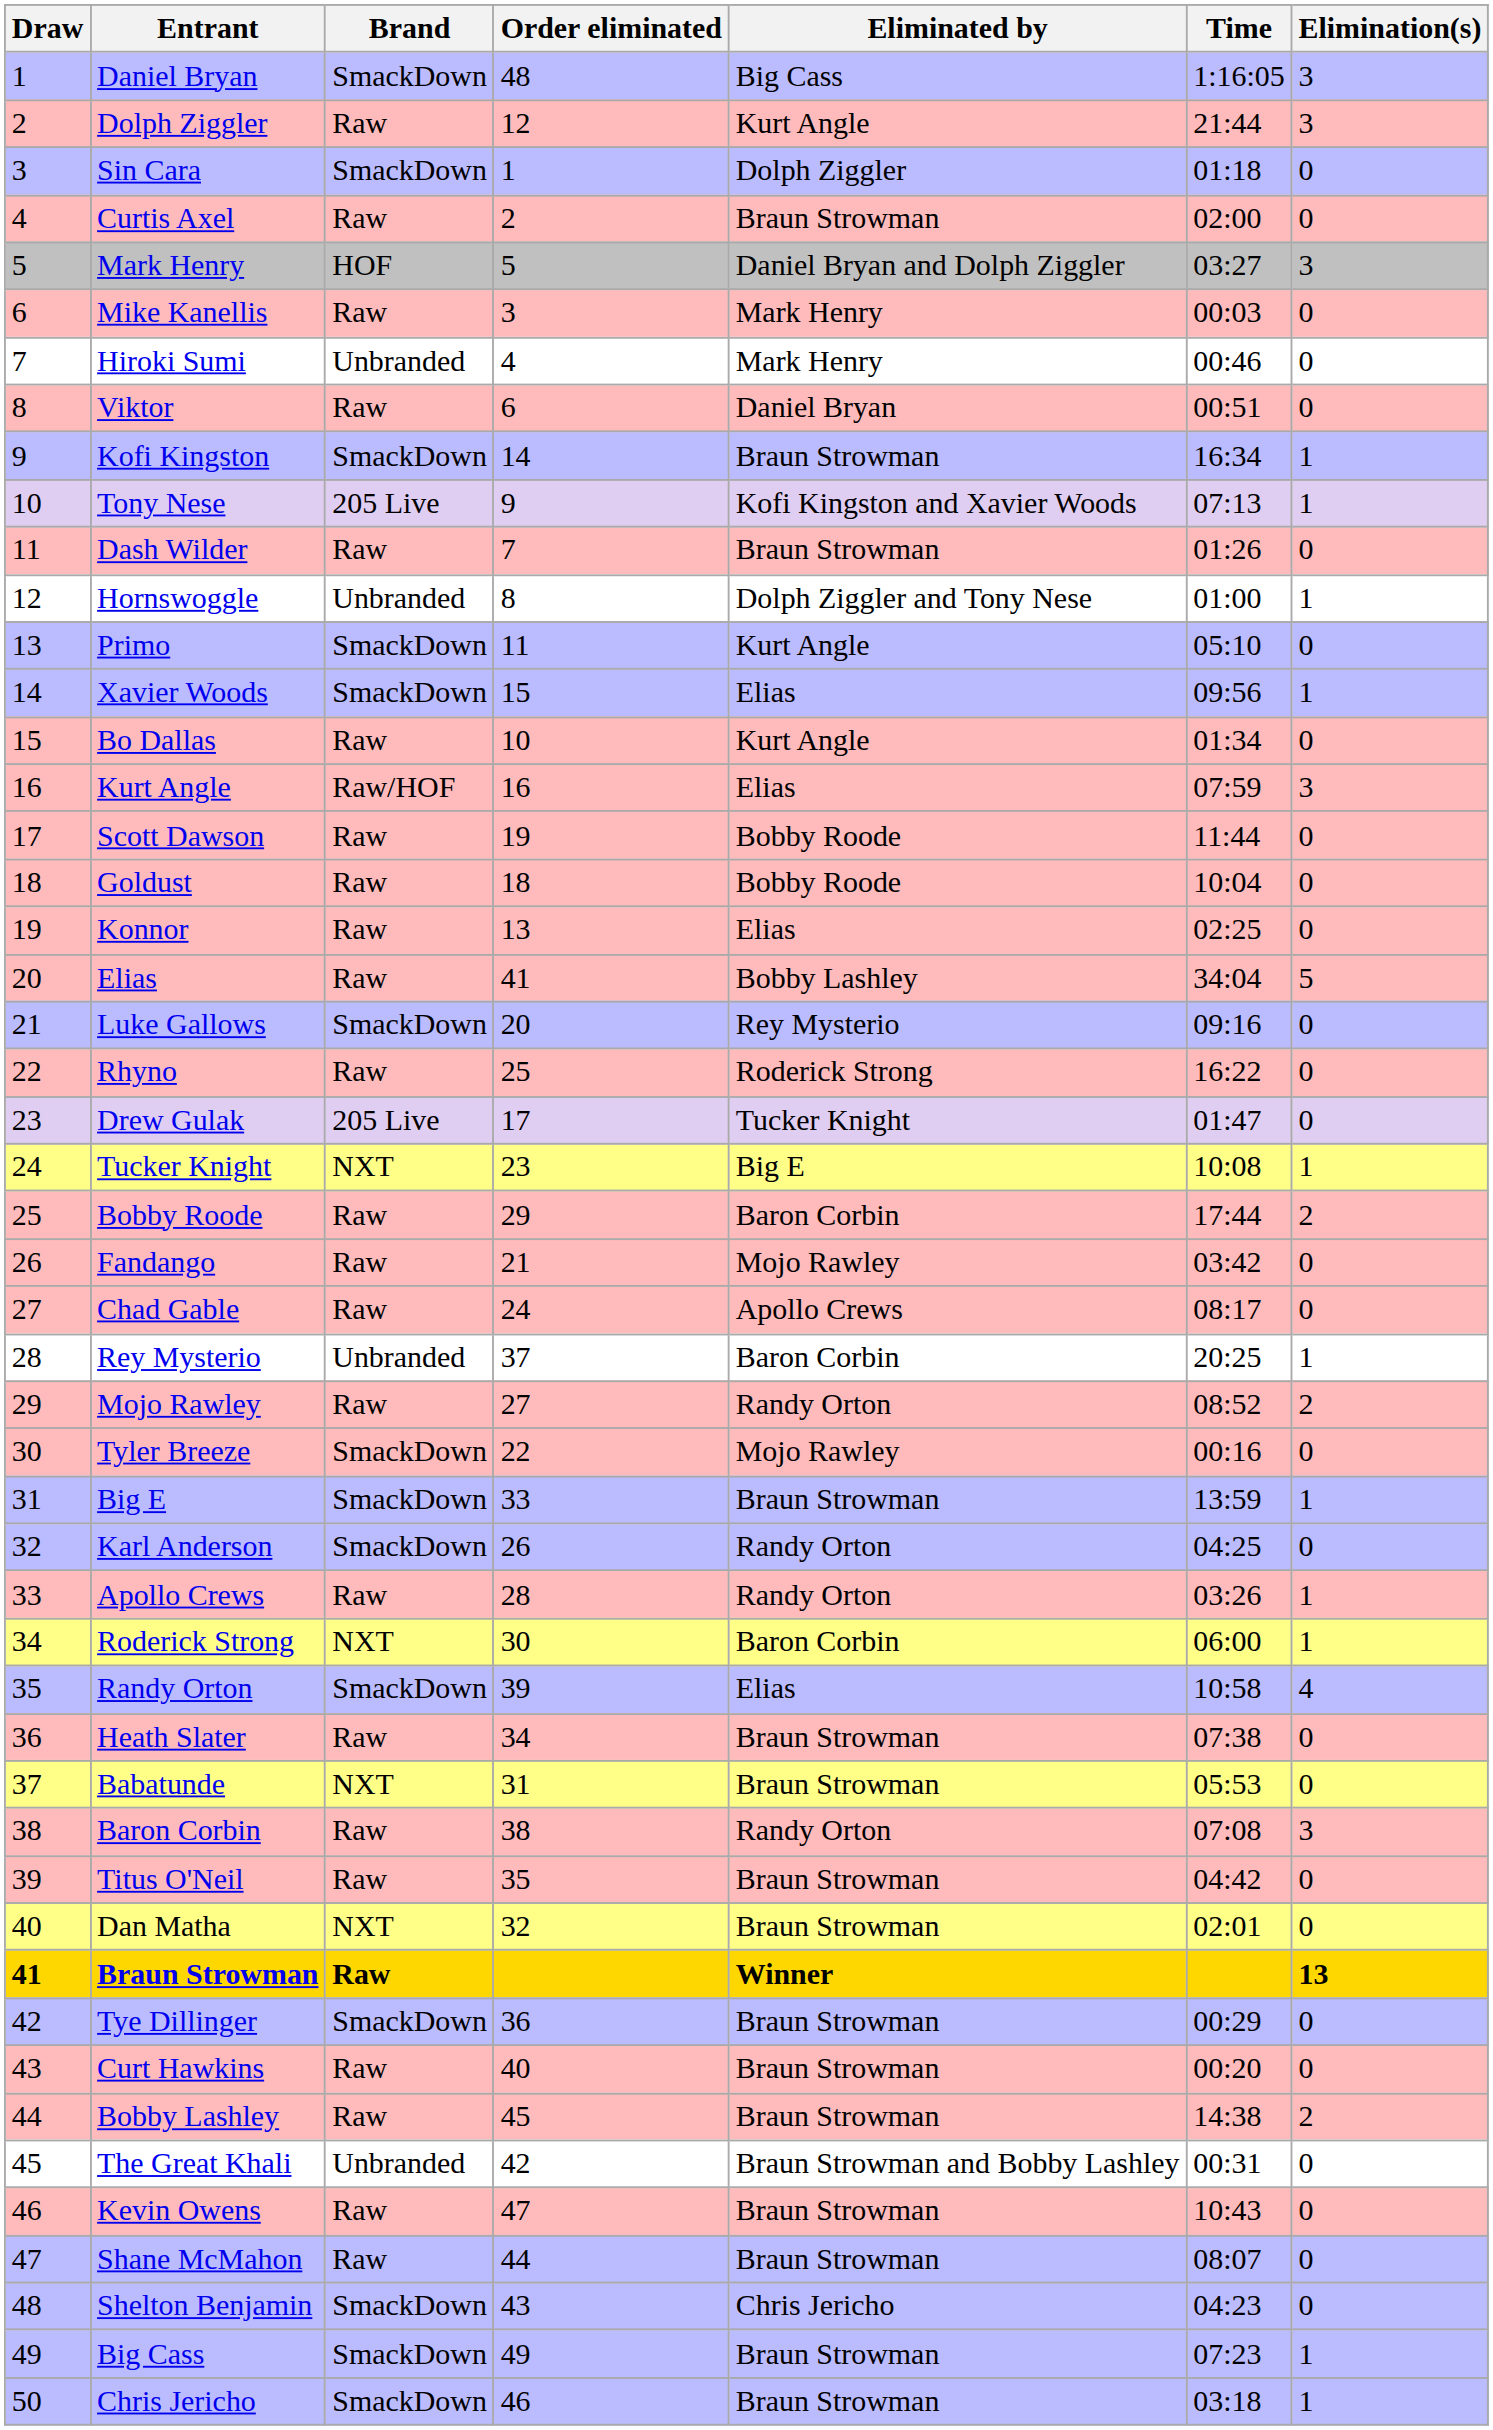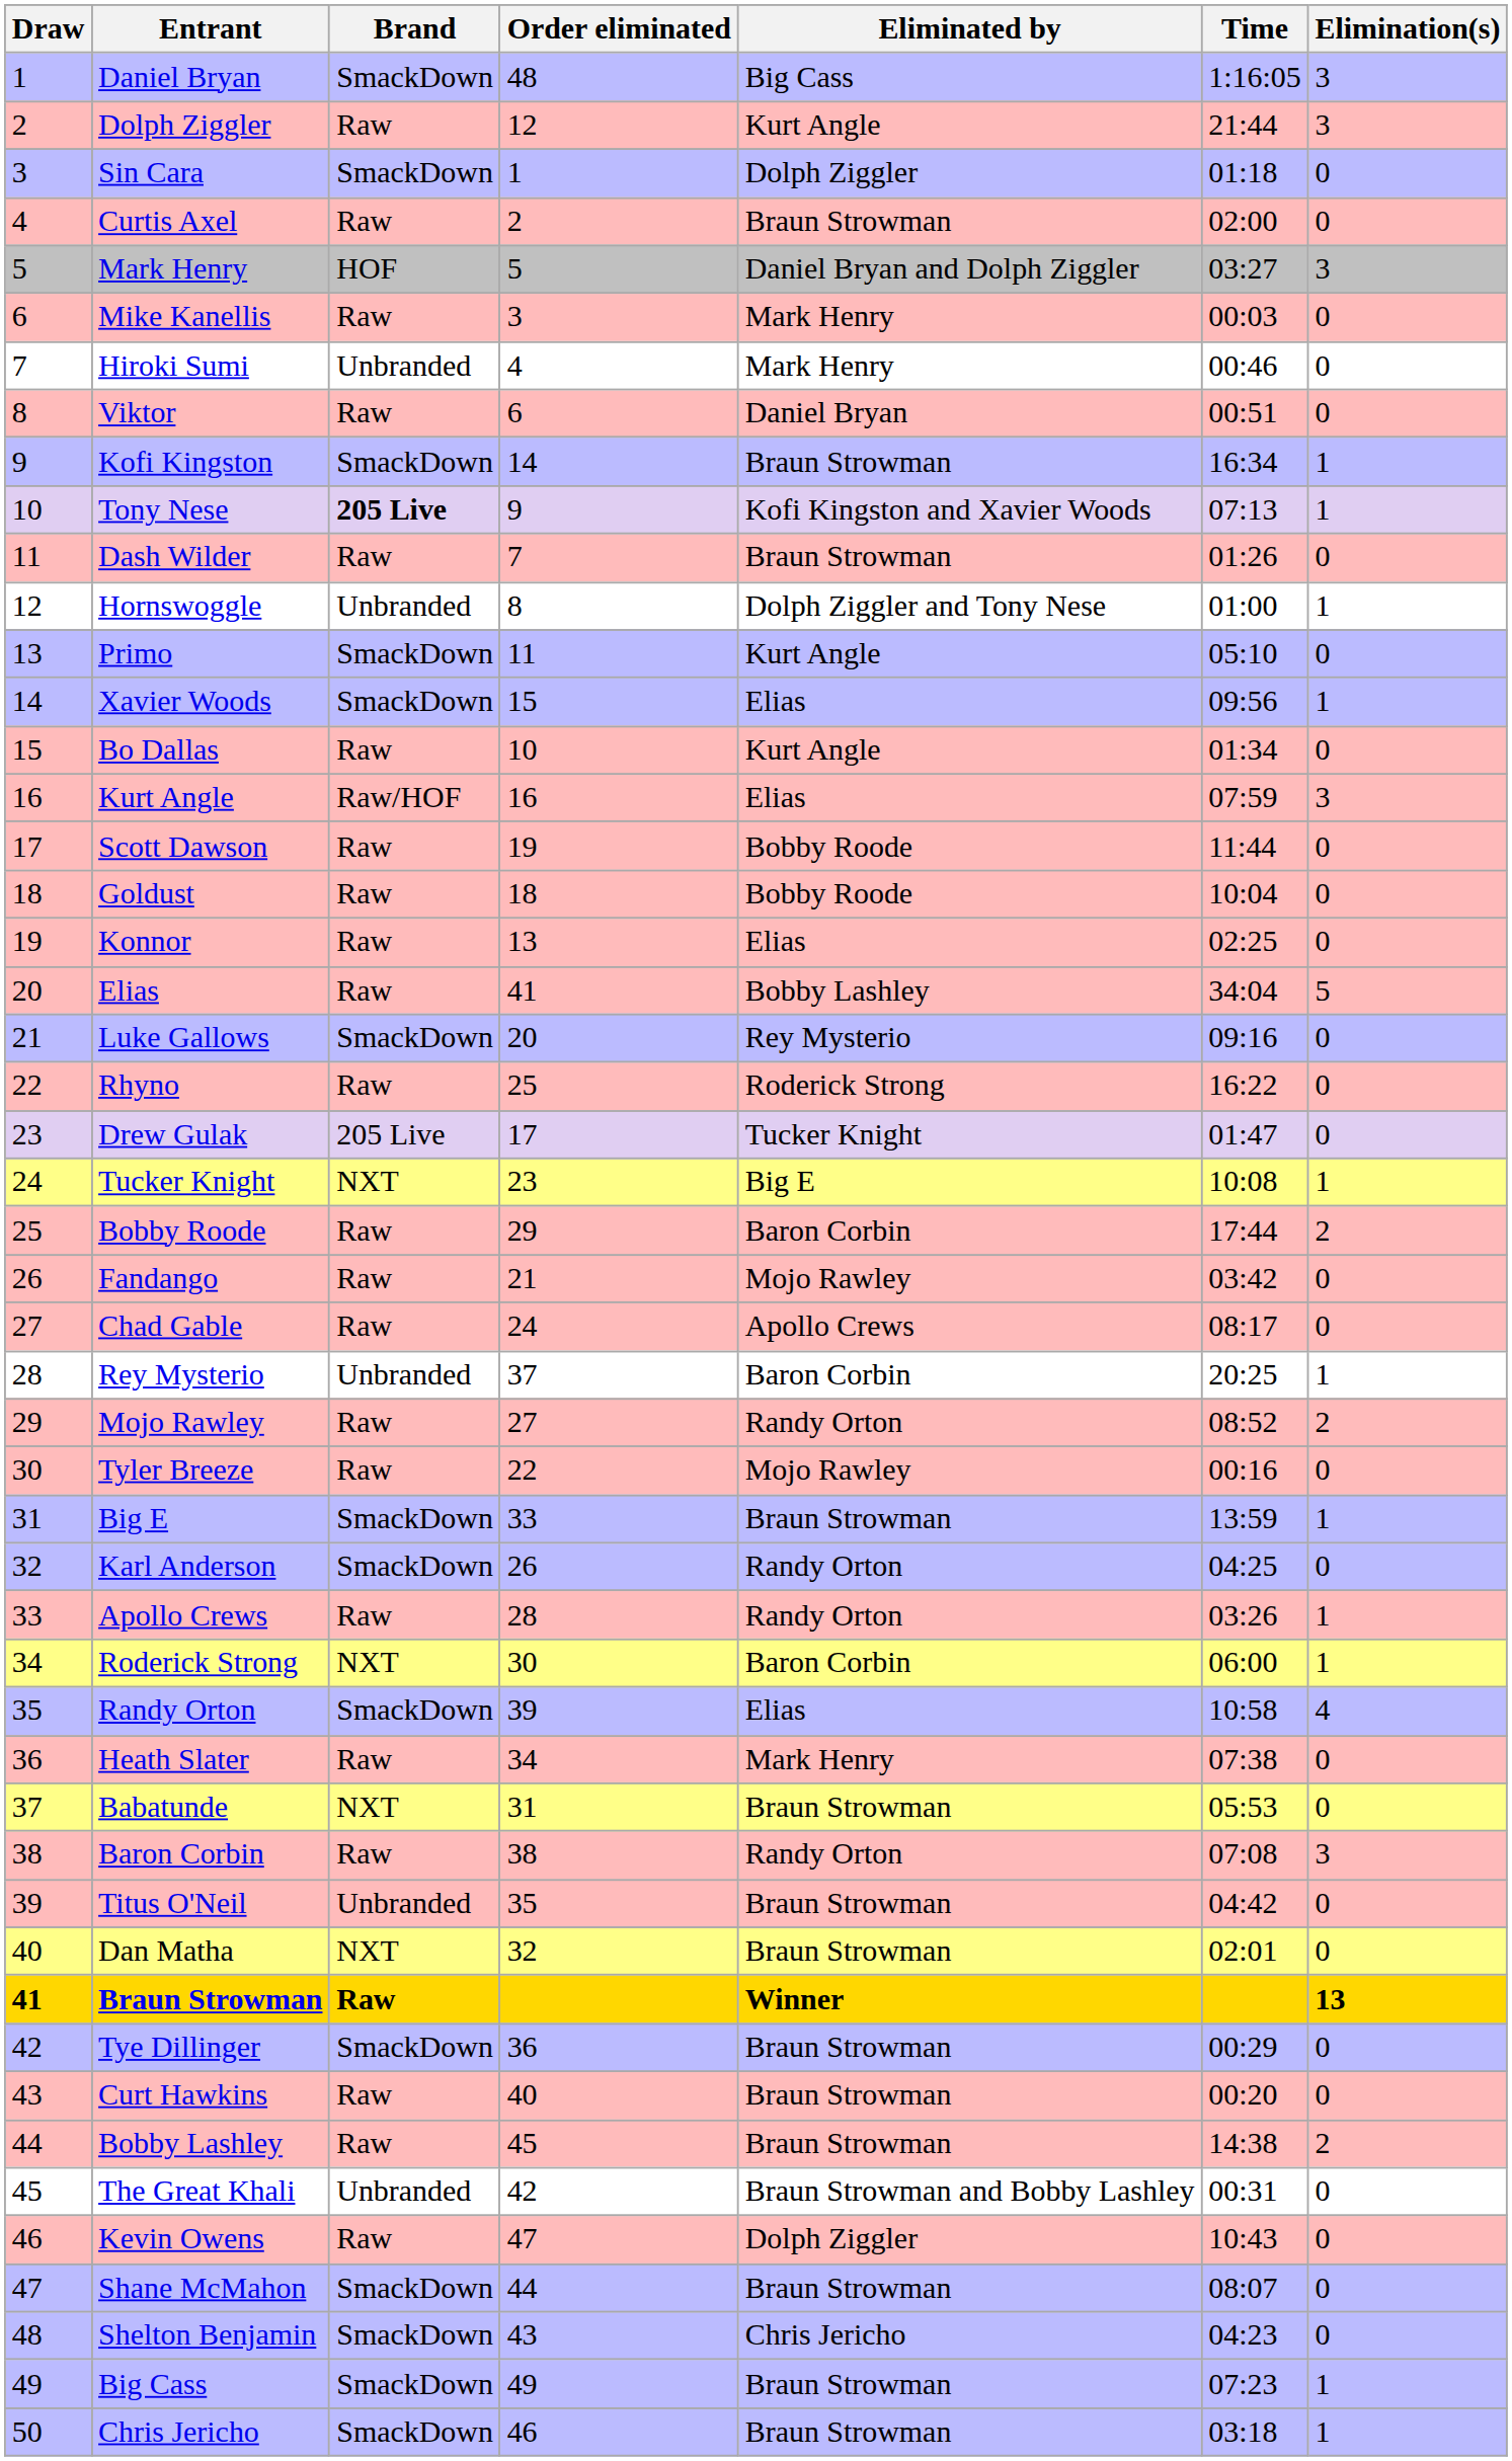 <table class="wikitable sortable">
 <tr>
 <th>Draw</th>
 <th>Entrant</th>
 <th>Brand</th>
 <th>Order eliminated</th>
 <th>Eliminated by</th>
 <th>Time</th>
 <th>Elimination(s)</th>
 </tr>
 <tr style="background:#BBF">
 <td>1</td>
 <td><a href='#'>Daniel Bryan</a></td>
 <td>SmackDown</td>
 <td>48</td>
 <td>Big Cass</td>
 <td>1:16:05</td>
 <td>3</td>
 </tr>
 <tr style="background:#FBB">
 <td>2</td>
 <td><a href='#'>Dolph Ziggler</a></td>
 <td>Raw</td>
 <td>12</td>
 <td>Kurt Angle</td>
 <td>21:44</td>
 <td>3</td>
 </tr>
 <tr style="background:#BBF">
 <td>3</td>
 <td><a href='#'>Sin Cara</a></td>
 <td>SmackDown</td>
 <td>1</td>
 <td>Dolph Ziggler</td>
 <td>01:18</td>
 <td>0</td>
 </tr>
 <tr style="background:#FBB">
 <td>4</td>
 <td><a href='#'>Curtis Axel</a></td>
 <td>Raw</td>
 <td>2</td>
 <td>Braun Strowman</td>
 <td>02:00</td>
 <td>0</td>
 </tr>
 <tr style=" background:silver">
 <td>5</td>
 <td><a href='#'>Mark Henry</a></td>
 <td>HOF</td>
 <td>5</td>
 <td>Daniel Bryan and Dolph Ziggler</td>
 <td>03:27</td>
 <td>3</td>
 </tr>
 <tr style="background:#FBB">
 <td>6</td>
 <td><a href='#'>Mike Kanellis</a></td>
 <td>Raw</td>
 <td>3</td>
 <td>Mark Henry</td>
 <td>00:03</td>
 <td>0</td>
 </tr>
 <tr style="background:#FFF">
 <td>7</td>
 <td><a href='#'>Hiroki Sumi</a></td>
 <td>Unbranded</td>
 <td>4</td>
 <td>Mark Henry</td>
 <td>00:46</td>
 <td>0</td>
 </tr>
 <tr style="background:#FBB">
 <td>8</td>
 <td><a href='#'>Viktor</a></td>
 <td>Raw</td>
 <td>6</td>
 <td>Daniel Bryan</td>
 <td>00:51</td>
 <td>0</td>
 </tr>
 <tr style="background:#BBF">
 <td>9</td>
 <td><a href='#'>Kofi Kingston</a></td>
 <td>SmackDown</td>
 <td>14</td>
 <td>Braun Strowman</td>
 <td>16:34</td>
 <td>1</td>
 </tr>
 <tr style="background:#E0CEF2">
 <td>10</td>
 <td><a href='#'>Tony Nese</a></td>
-<td>205 Live</td>
+<td><strong>205 Live</strong></td>
 <td>9</td>
 <td>Kofi Kingston and Xavier Woods</td>
 <td>07:13</td>
 <td>1</td>
 </tr>
 <tr style="background:#FBB">
 <td>11</td>
 <td><a href='#'>Dash Wilder</a></td>
 <td>Raw</td>
 <td>7</td>
 <td>Braun Strowman</td>
 <td>01:26</td>
 <td>0</td>
 </tr>
 <tr style="background:#FFF">
 <td>12</td>
 <td><a href='#'>Hornswoggle</a></td>
 <td>Unbranded</td>
 <td>8</td>
 <td>Dolph Ziggler and Tony Nese</td>
 <td>01:00</td>
 <td>1</td>
 </tr>
 <tr style="background:#BBF">
 <td>13</td>
 <td><a href='#'>Primo</a></td>
 <td>SmackDown</td>
 <td>11</td>
 <td>Kurt Angle</td>
 <td>05:10</td>
 <td>0</td>
 </tr>
 <tr style="background:#BBF">
 <td>14</td>
 <td><a href='#'>Xavier Woods</a></td>
 <td>SmackDown</td>
 <td>15</td>
 <td>Elias</td>
 <td>09:56</td>
 <td>1</td>
 </tr>
 <tr style="background:#FBB">
 <td>15</td>
 <td><a href='#'>Bo Dallas</a></td>
 <td>Raw</td>
 <td>10</td>
 <td>Kurt Angle</td>
 <td>01:34</td>
 <td>0</td>
 </tr>
 <tr style="background:#FBB">
 <td>16</td>
 <td><a href='#'>Kurt Angle</a></td>
 <td>Raw/HOF</td>
 <td>16</td>
 <td>Elias</td>
 <td>07:59</td>
 <td>3</td>
 </tr>
 <tr style="background:#FBB">
 <td>17</td>
 <td><a href='#'>Scott Dawson</a></td>
 <td>Raw</td>
 <td>19</td>
 <td>Bobby Roode</td>
 <td>11:44</td>
 <td>0</td>
 </tr>
 <tr style="background:#FBB">
 <td>18</td>
 <td><a href='#'>Goldust</a></td>
 <td>Raw</td>
 <td>18</td>
 <td>Bobby Roode</td>
 <td>10:04</td>
 <td>0</td>
 </tr>
 <tr style="background:#FBB">
 <td>19</td>
 <td><a href='#'>Konnor</a></td>
 <td>Raw</td>
 <td>13</td>
 <td>Elias</td>
 <td>02:25</td>
 <td>0</td>
 </tr>
 <tr style="background:#FBB">
 <td>20</td>
 <td><a href='#'>Elias</a></td>
 <td>Raw</td>
 <td>41</td>
 <td>Bobby Lashley</td>
 <td>34:04</td>
 <td>5</td>
 </tr>
 <tr style="background:#BBF">
 <td>21</td>
 <td><a href='#'>Luke Gallows</a></td>
 <td>SmackDown</td>
 <td>20</td>
 <td>Rey Mysterio</td>
 <td>09:16</td>
 <td>0</td>
 </tr>
 <tr style="background:#FBB">
 <td>22</td>
 <td><a href='#'>Rhyno</a></td>
 <td>Raw</td>
 <td>25</td>
 <td>Roderick Strong</td>
 <td>16:22</td>
 <td>0</td>
 </tr>
 <tr style="background:#E0CEF2">
 <td>23</td>
 <td><a href='#'>Drew Gulak</a></td>
 <td>205 Live</td>
 <td>17</td>
 <td>Tucker Knight</td>
 <td>01:47</td>
 <td>0</td>
 </tr>
 <tr style="background:#FF8">
 <td>24</td>
 <td><a href='#'>Tucker Knight</a></td>
 <td>NXT</td>
 <td>23</td>
 <td>Big E</td>
 <td>10:08</td>
 <td>1</td>
 </tr>
 <tr style="background:#FBB">
 <td>25</td>
 <td><a href='#'>Bobby Roode</a></td>
 <td>Raw</td>
 <td>29</td>
 <td>Baron Corbin</td>
 <td>17:44</td>
 <td>2</td>
 </tr>
 <tr style="background:#FBB">
 <td>26</td>
 <td><a href='#'>Fandango</a></td>
 <td>Raw</td>
 <td>21</td>
 <td>Mojo Rawley</td>
 <td>03:42</td>
 <td>0</td>
 </tr>
 <tr style="background:#FBB">
 <td>27</td>
 <td><a href='#'>Chad Gable</a></td>
 <td>Raw</td>
 <td>24</td>
 <td>Apollo Crews</td>
 <td>08:17</td>
 <td>0</td>
 </tr>
 <tr style="background:#FFF">
 <td>28</td>
 <td><a href='#'>Rey Mysterio</a></td>
 <td>Unbranded</td>
 <td>37</td>
 <td>Baron Corbin</td>
 <td>20:25</td>
 <td>1</td>
 </tr>
 <tr style="background:#FBB">
 <td>29</td>
 <td><a href='#'>Mojo Rawley</a></td>
 <td>Raw</td>
 <td>27</td>
 <td>Randy Orton</td>
 <td>08:52</td>
 <td>2</td>
 </tr>
 <tr style="background:#FBB">
 <td>30</td>
 <td><a href='#'>Tyler Breeze</a></td>
-<td>SmackDown</td>
+<td>Raw</td>
 <td>22</td>
 <td>Mojo Rawley</td>
 <td>00:16</td>
 <td>0</td>
 </tr>
 <tr style="background:#BBF">
 <td>31</td>
 <td><a href='#'>Big E</a></td>
 <td>SmackDown</td>
 <td>33</td>
 <td>Braun Strowman</td>
 <td>13:59</td>
 <td>1</td>
 </tr>
 <tr style="background:#BBF">
 <td>32</td>
 <td><a href='#'>Karl Anderson</a></td>
 <td>SmackDown</td>
 <td>26</td>
 <td>Randy Orton</td>
 <td>04:25</td>
 <td>0</td>
 </tr>
 <tr style="background:#FBB">
 <td>33</td>
 <td><a href='#'>Apollo Crews</a></td>
 <td>Raw</td>
 <td>28</td>
 <td>Randy Orton</td>
 <td>03:26</td>
 <td>1</td>
 </tr>
 <tr style="background:#FF8">
 <td>34</td>
 <td><a href='#'>Roderick Strong</a></td>
 <td>NXT</td>
 <td>30</td>
 <td>Baron Corbin</td>
 <td>06:00</td>
 <td>1</td>
 </tr>
 <tr style="background:#BBF">
 <td>35</td>
 <td><a href='#'>Randy Orton</a></td>
 <td>SmackDown</td>
 <td>39</td>
 <td>Elias</td>
 <td>10:58</td>
 <td>4</td>
 </tr>
 <tr style="background:#FBB">
 <td>36</td>
 <td><a href='#'>Heath Slater</a></td>
 <td>Raw</td>
 <td>34</td>
-<td>Braun Strowman</td>
+<td>Mark Henry</td>
 <td>07:38</td>
 <td>0</td>
 </tr>
 <tr style="background:#FF8">
 <td>37</td>
 <td><a href='#'>Babatunde</a></td>
 <td>NXT</td>
 <td>31</td>
 <td>Braun Strowman</td>
 <td>05:53</td>
 <td>0</td>
 </tr>
 <tr style="background:#FBB">
 <td>38</td>
 <td><a href='#'>Baron Corbin</a></td>
 <td>Raw</td>
 <td>38</td>
 <td>Randy Orton</td>
 <td>07:08</td>
 <td>3</td>
 </tr>
 <tr style="background:#FBB">
 <td>39</td>
 <td><a href='#'>Titus O'Neil</a></td>
-<td>Raw</td>
+<td>Unbranded</td>
 <td>35</td>
 <td>Braun Strowman</td>
 <td>04:42</td>
 <td>0</td>
 </tr>
 <tr style="background:#FF8">
 <td>40</td>
 <td>Dan Matha</td>
 <td>NXT</td>
 <td>32</td>
 <td>Braun Strowman</td>
 <td>02:01</td>
 <td>0</td>
 </tr>
 <tr style=" background: gold">
 <td><strong>41</strong></td>
 <td><strong><a href='#'>Braun Strowman</a></strong></td>
 <td><strong>Raw</strong></td>
 <td><strong></strong></td>
 <td><strong>Winner</strong></td>
 <td><strong></strong></td>
 <td><strong>13</strong></td>
 </tr>
 <tr style="background:#BBF">
 <td>42</td>
 <td><a href='#'>Tye Dillinger</a></td>
 <td>SmackDown</td>
 <td>36</td>
 <td>Braun Strowman</td>
 <td>00:29</td>
 <td>0</td>
 </tr>
 <tr style="background:#FBB">
 <td>43</td>
 <td><a href='#'>Curt Hawkins</a></td>
 <td>Raw</td>
 <td>40</td>
 <td>Braun Strowman</td>
 <td>00:20</td>
 <td>0</td>
 </tr>
 <tr style="background:#FBB">
 <td>44</td>
 <td><a href='#'>Bobby Lashley</a></td>
 <td>Raw</td>
 <td>45</td>
 <td>Braun Strowman</td>
 <td>14:38</td>
 <td>2</td>
 </tr>
 <tr style="background:#FFF">
 <td>45</td>
 <td><a href='#'>The Great Khali</a></td>
 <td>Unbranded</td>
 <td>42</td>
 <td>Braun Strowman and Bobby Lashley</td>
 <td>00:31</td>
 <td>0</td>
 </tr>
 <tr style="background:#FBB">
 <td>46</td>
 <td><a href='#'>Kevin Owens</a></td>
 <td>Raw</td>
 <td>47</td>
-<td>Braun Strowman</td>
+<td>Dolph Ziggler</td>
 <td>10:43</td>
 <td>0</td>
 </tr>
 <tr style="background:#BBF">
 <td>47</td>
 <td><a href='#'>Shane McMahon</a></td>
-<td>Raw</td>
+<td>SmackDown</td>
 <td>44</td>
 <td>Braun Strowman</td>
 <td>08:07</td>
 <td>0</td>
 </tr>
 <tr style="background:#BBF">
 <td>48</td>
 <td><a href='#'>Shelton Benjamin</a></td>
 <td>SmackDown</td>
 <td>43</td>
 <td>Chris Jericho</td>
 <td>04:23</td>
 <td>0</td>
 </tr>
 <tr style="background:#BBF">
 <td>49</td>
 <td><a href='#'>Big Cass</a></td>
 <td>SmackDown</td>
 <td>49</td>
 <td>Braun Strowman</td>
 <td>07:23</td>
 <td>1</td>
 </tr>
 <tr style="background:#BBF">
 <td>50</td>
 <td><a href='#'>Chris Jericho</a></td>
 <td>SmackDown</td>
 <td>46</td>
 <td>Braun Strowman</td>
 <td>03:18</td>
 <td>1</td>
 </tr>
 </table>
